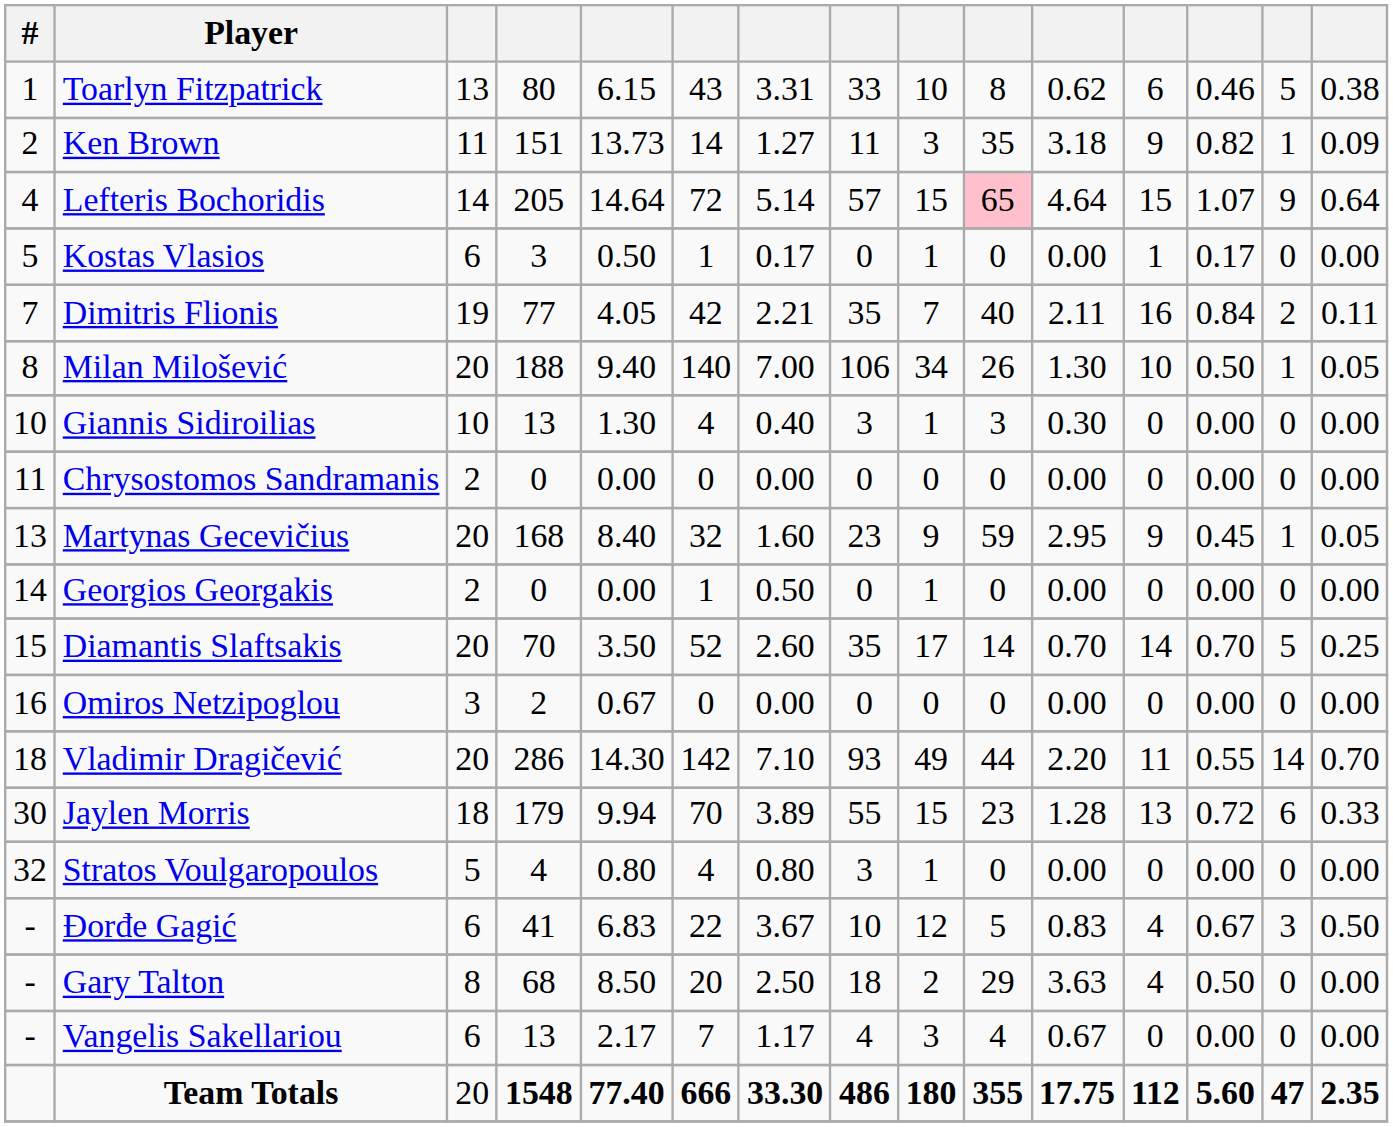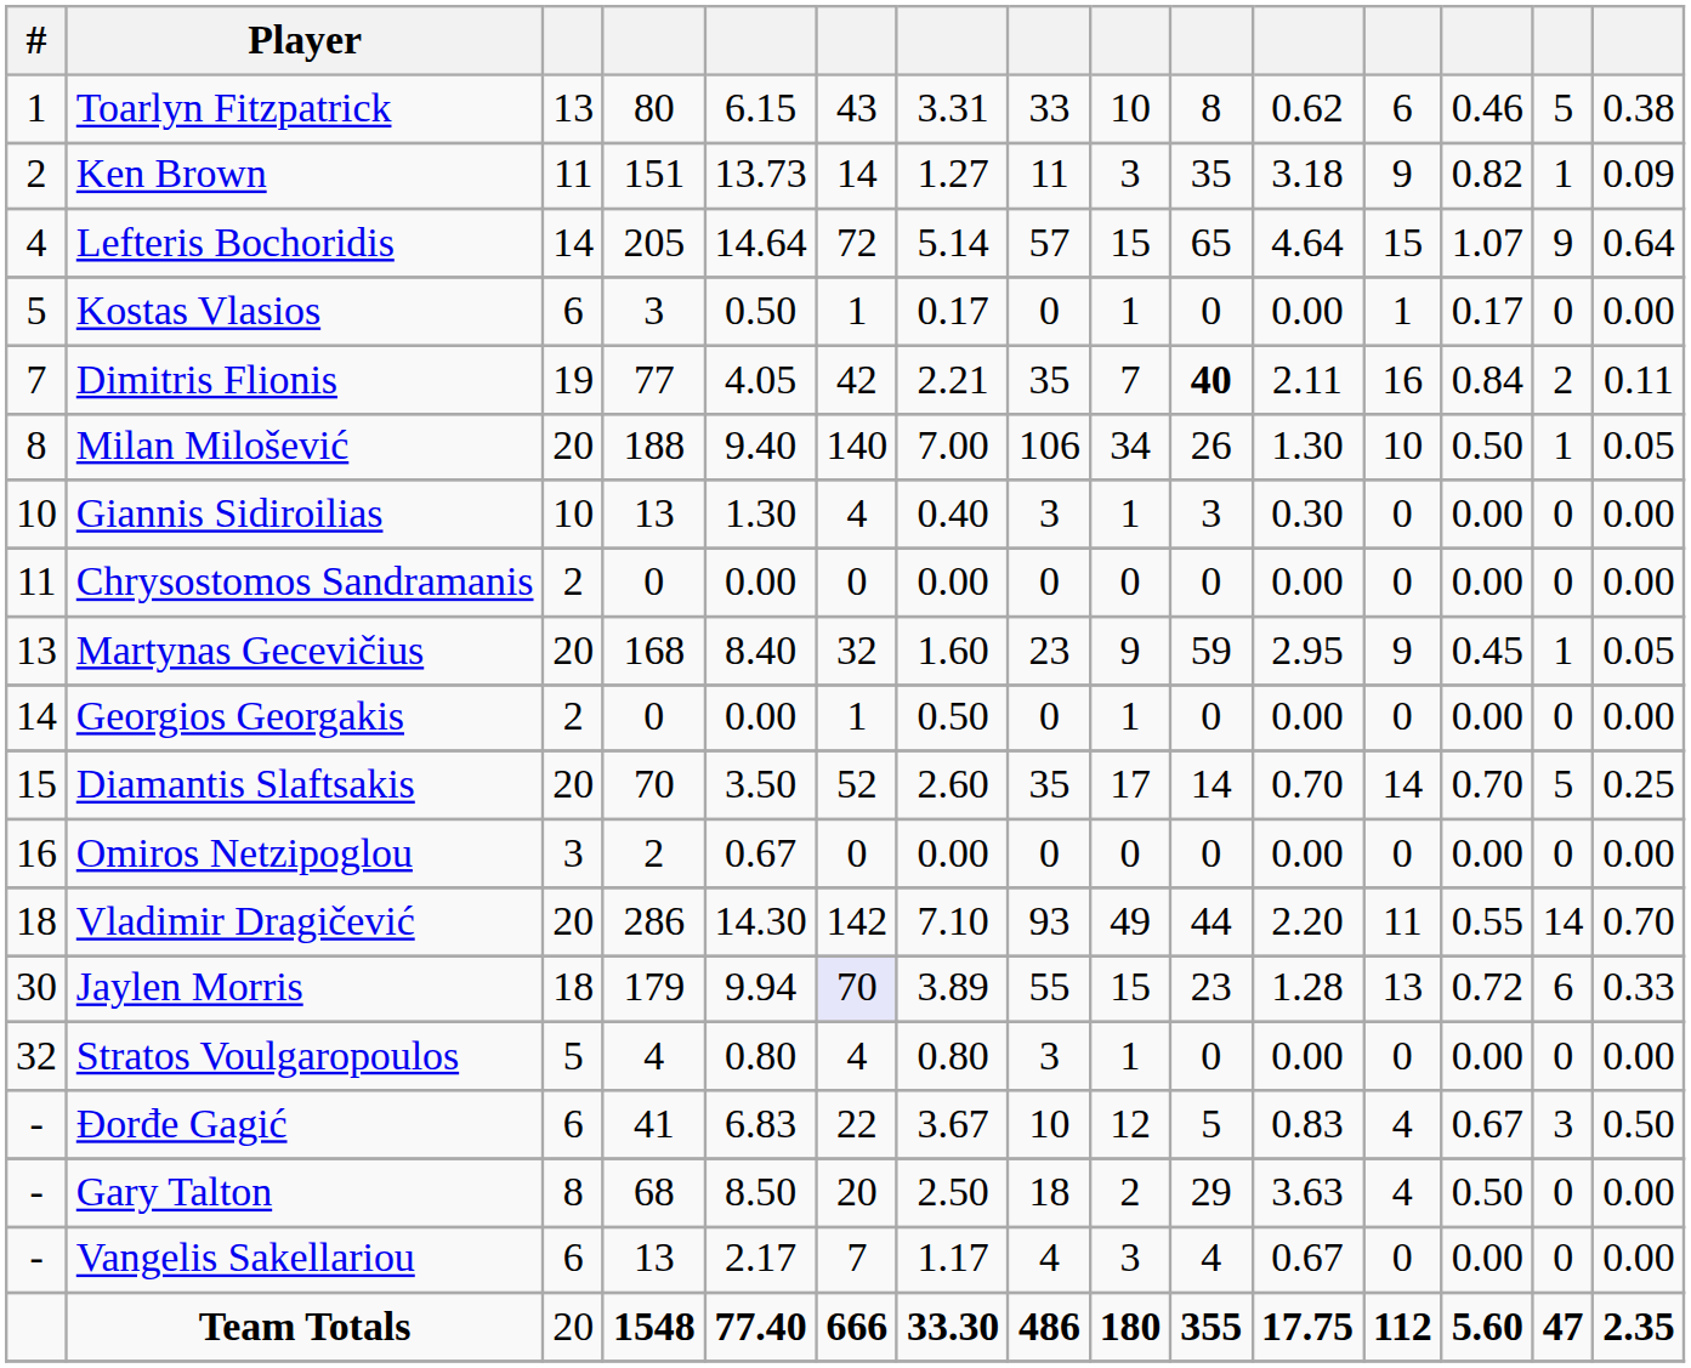 <table class="wikitable sortable" style="font-size:90%; text-align:center;">
 <tr>
 <th>#</th>
 <th>Player</th>
 <th></th>
 <th></th>
 <th></th>
 <th></th>
 <th></th>
 <th></th>
 <th></th>
 <th></th>
 <th></th>
 <th></th>
 <th></th>
 <th></th>
 <th></th>
 </tr>
 <tr>
 <td>1</td>
 <td align="left"> <a href='#'>Toarlyn Fitzpatrick</a></td>
 <td>13</td>
 <td>80</td>
 <td>6.15</td>
 <td>43</td>
 <td>3.31</td>
 <td>33</td>
 <td>10</td>
 <td>8</td>
 <td>0.62</td>
 <td>6</td>
 <td>0.46</td>
 <td>5</td>
 <td>0.38</td>
 </tr>
 <tr>
 </tr>
 <tr>
 <td>2</td>
 <td align="left"> <a href='#'>Ken Brown</a></td>
 <td>11</td>
 <td>151</td>
 <td>13.73</td>
 <td>14</td>
 <td>1.27</td>
 <td>11</td>
 <td>3</td>
 <td>35</td>
 <td>3.18</td>
 <td>9</td>
 <td>0.82</td>
 <td>1</td>
 <td>0.09</td>
 </tr>
 <tr>
 </tr>
 <tr>
 <td>4</td>
 <td align="left"> <a href='#'>Lefteris Bochoridis</a></td>
 <td>14</td>
 <td>205</td>
 <td>14.64</td>
 <td>72</td>
 <td>5.14</td>
 <td>57</td>
 <td>15</td>
-<td style="background: pink;">65</td>
+<td>65</td>
 <td>4.64</td>
 <td>15</td>
 <td>1.07</td>
 <td>9</td>
 <td>0.64</td>
 </tr>
 <tr>
 </tr>
 <tr>
 <td>5</td>
 <td align="left"> <a href='#'>Kostas Vlasios</a></td>
 <td>6</td>
 <td>3</td>
 <td>0.50</td>
 <td>1</td>
 <td>0.17</td>
 <td>0</td>
 <td>1</td>
 <td>0</td>
 <td>0.00</td>
 <td>1</td>
 <td>0.17</td>
 <td>0</td>
 <td>0.00</td>
 </tr>
 <tr>
 </tr>
 <tr>
 <td>7</td>
 <td align="left"> <a href='#'>Dimitris Flionis</a></td>
 <td>19</td>
 <td>77</td>
 <td>4.05</td>
 <td>42</td>
 <td>2.21</td>
 <td>35</td>
 <td>7</td>
-<td>40</td>
+<td><strong>40</strong></td>
 <td>2.11</td>
 <td>16</td>
 <td>0.84</td>
 <td>2</td>
 <td>0.11</td>
 </tr>
 <tr>
 </tr>
 <tr>
 <td>8</td>
 <td align="left"> <a href='#'>Milan Milošević</a></td>
 <td>20</td>
 <td>188</td>
 <td>9.40</td>
 <td>140</td>
 <td>7.00</td>
 <td>106</td>
 <td>34</td>
 <td>26</td>
 <td>1.30</td>
 <td>10</td>
 <td>0.50</td>
 <td>1</td>
 <td>0.05</td>
 </tr>
 <tr>
 </tr>
 <tr>
 <td>10</td>
 <td align="left"> <a href='#'>Giannis Sidiroilias</a></td>
 <td>10</td>
 <td>13</td>
 <td>1.30</td>
 <td>4</td>
 <td>0.40</td>
 <td>3</td>
 <td>1</td>
 <td>3</td>
 <td>0.30</td>
 <td>0</td>
 <td>0.00</td>
 <td>0</td>
 <td>0.00</td>
 </tr>
 <tr>
 </tr>
 <tr>
 <td>11</td>
 <td align="left"> <a href='#'>Chrysostomos Sandramanis</a></td>
 <td>2</td>
 <td>0</td>
 <td>0.00</td>
 <td>0</td>
 <td>0.00</td>
 <td>0</td>
 <td>0</td>
 <td>0</td>
 <td>0.00</td>
 <td>0</td>
 <td>0.00</td>
 <td>0</td>
 <td>0.00</td>
 </tr>
 <tr>
 </tr>
 <tr>
 <td>13</td>
 <td align="left"> <a href='#'>Martynas Gecevičius</a></td>
 <td>20</td>
 <td>168</td>
 <td>8.40</td>
 <td>32</td>
 <td>1.60</td>
 <td>23</td>
 <td>9</td>
 <td>59</td>
 <td>2.95</td>
 <td>9</td>
 <td>0.45</td>
 <td>1</td>
 <td>0.05</td>
 </tr>
 <tr>
 </tr>
 <tr>
 <td>14</td>
 <td align="left"> <a href='#'>Georgios Georgakis</a></td>
 <td>2</td>
 <td>0</td>
 <td>0.00</td>
 <td>1</td>
 <td>0.50</td>
 <td>0</td>
 <td>1</td>
 <td>0</td>
 <td>0.00</td>
 <td>0</td>
 <td>0.00</td>
 <td>0</td>
 <td>0.00</td>
 </tr>
 <tr>
 </tr>
 <tr>
 <td>15</td>
 <td align="left"> <a href='#'>Diamantis Slaftsakis</a></td>
 <td>20</td>
 <td>70</td>
 <td>3.50</td>
 <td>52</td>
 <td>2.60</td>
 <td>35</td>
 <td>17</td>
 <td>14</td>
 <td>0.70</td>
 <td>14</td>
 <td>0.70</td>
 <td>5</td>
 <td>0.25</td>
 </tr>
 <tr>
 </tr>
 <tr>
 <td>16</td>
 <td align="left"> <a href='#'>Omiros Netzipoglou</a></td>
 <td>3</td>
 <td>2</td>
 <td>0.67</td>
 <td>0</td>
 <td>0.00</td>
 <td>0</td>
 <td>0</td>
 <td>0</td>
 <td>0.00</td>
 <td>0</td>
 <td>0.00</td>
 <td>0</td>
 <td>0.00</td>
 </tr>
 <tr>
 </tr>
 <tr>
 <td>18</td>
 <td align="left"> <a href='#'>Vladimir Dragičević</a></td>
 <td>20</td>
 <td>286</td>
 <td>14.30</td>
 <td>142</td>
 <td>7.10</td>
 <td>93</td>
 <td>49</td>
 <td>44</td>
 <td>2.20</td>
 <td>11</td>
 <td>0.55</td>
 <td>14</td>
 <td>0.70</td>
 </tr>
 <tr>
 </tr>
 <tr>
 <td>30</td>
 <td align="left"> <a href='#'>Jaylen Morris</a></td>
 <td>18</td>
 <td>179</td>
 <td>9.94</td>
-<td>70</td>
+<td style="background: lavender;">70</td>
 <td>3.89</td>
 <td>55</td>
 <td>15</td>
 <td>23</td>
 <td>1.28</td>
 <td>13</td>
 <td>0.72</td>
 <td>6</td>
 <td>0.33</td>
 </tr>
 <tr>
 </tr>
 <tr>
 <td>32</td>
 <td align="left"> <a href='#'>Stratos Voulgaropoulos</a></td>
 <td>5</td>
 <td>4</td>
 <td>0.80</td>
 <td>4</td>
 <td>0.80</td>
 <td>3</td>
 <td>1</td>
 <td>0</td>
 <td>0.00</td>
 <td>0</td>
 <td>0.00</td>
 <td>0</td>
 <td>0.00</td>
 </tr>
 <tr>
 </tr>
 <tr>
 <td>-</td>
 <td align="left"> <a href='#'>Đorđe Gagić</a></td>
 <td>6</td>
 <td>41</td>
 <td>6.83</td>
 <td>22</td>
 <td>3.67</td>
 <td>10</td>
 <td>12</td>
 <td>5</td>
 <td>0.83</td>
 <td>4</td>
 <td>0.67</td>
 <td>3</td>
 <td>0.50</td>
 </tr>
 <tr>
 </tr>
 <tr>
 <td>-</td>
 <td align="left"> <a href='#'>Gary Talton</a></td>
 <td>8</td>
 <td>68</td>
 <td>8.50</td>
 <td>20</td>
 <td>2.50</td>
 <td>18</td>
 <td>2</td>
 <td>29</td>
 <td>3.63</td>
 <td>4</td>
 <td>0.50</td>
 <td>0</td>
 <td>0.00</td>
 </tr>
 <tr>
 </tr>
 <tr>
 <td>-</td>
 <td align="left"> <a href='#'>Vangelis Sakellariou</a></td>
 <td>6</td>
 <td>13</td>
 <td>2.17</td>
 <td>7</td>
 <td>1.17</td>
 <td>4</td>
 <td>3</td>
 <td>4</td>
 <td>0.67</td>
 <td>0</td>
 <td>0.00</td>
 <td>0</td>
 <td>0.00</td>
 </tr>
 <tr>
 </tr>
 <tr>
 <td></td>
 <td><strong>Team Totals</strong></td>
 <td>20</td>
 <td><strong>1548</strong></td>
 <td><strong>77.40</strong></td>
 <td><strong>666</strong></td>
 <td><strong>33.30</strong></td>
 <td><strong>486</strong></td>
 <td><strong>180</strong></td>
 <td><strong>355</strong></td>
 <td><strong>17.75</strong></td>
 <td><strong>112</strong></td>
 <td><strong>5.60</strong></td>
 <td><strong>47</strong></td>
 <td><strong>2.35</strong></td>
 </tr>
 <tr>
 </tr>
 </table>
